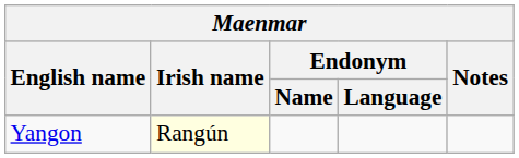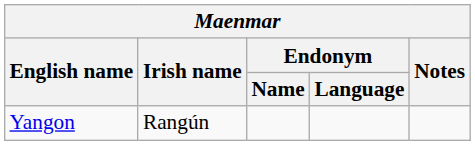 <table class="wikitable sortable">
 <tr>
 <th colspan="5"> <em>Maenmar</em></th>
 </tr>
 <tr>
 <th rowspan="2">English name</th>
 <th rowspan="2">Irish name</th>
 <th colspan="2">Endonym</th>
 <th rowspan="2">Notes</th>
 </tr>
 <tr>
 <th>Name</th>
 <th>Language</th>
 </tr>
 <tr>
 <td><a href='#'>Yangon</a></td>
-<td style="background: lightyellow;">Rangún</td>
+<td>Rangún</td>
 <td></td>
 <td></td>
 <td></td>
 </tr>
 </table>
